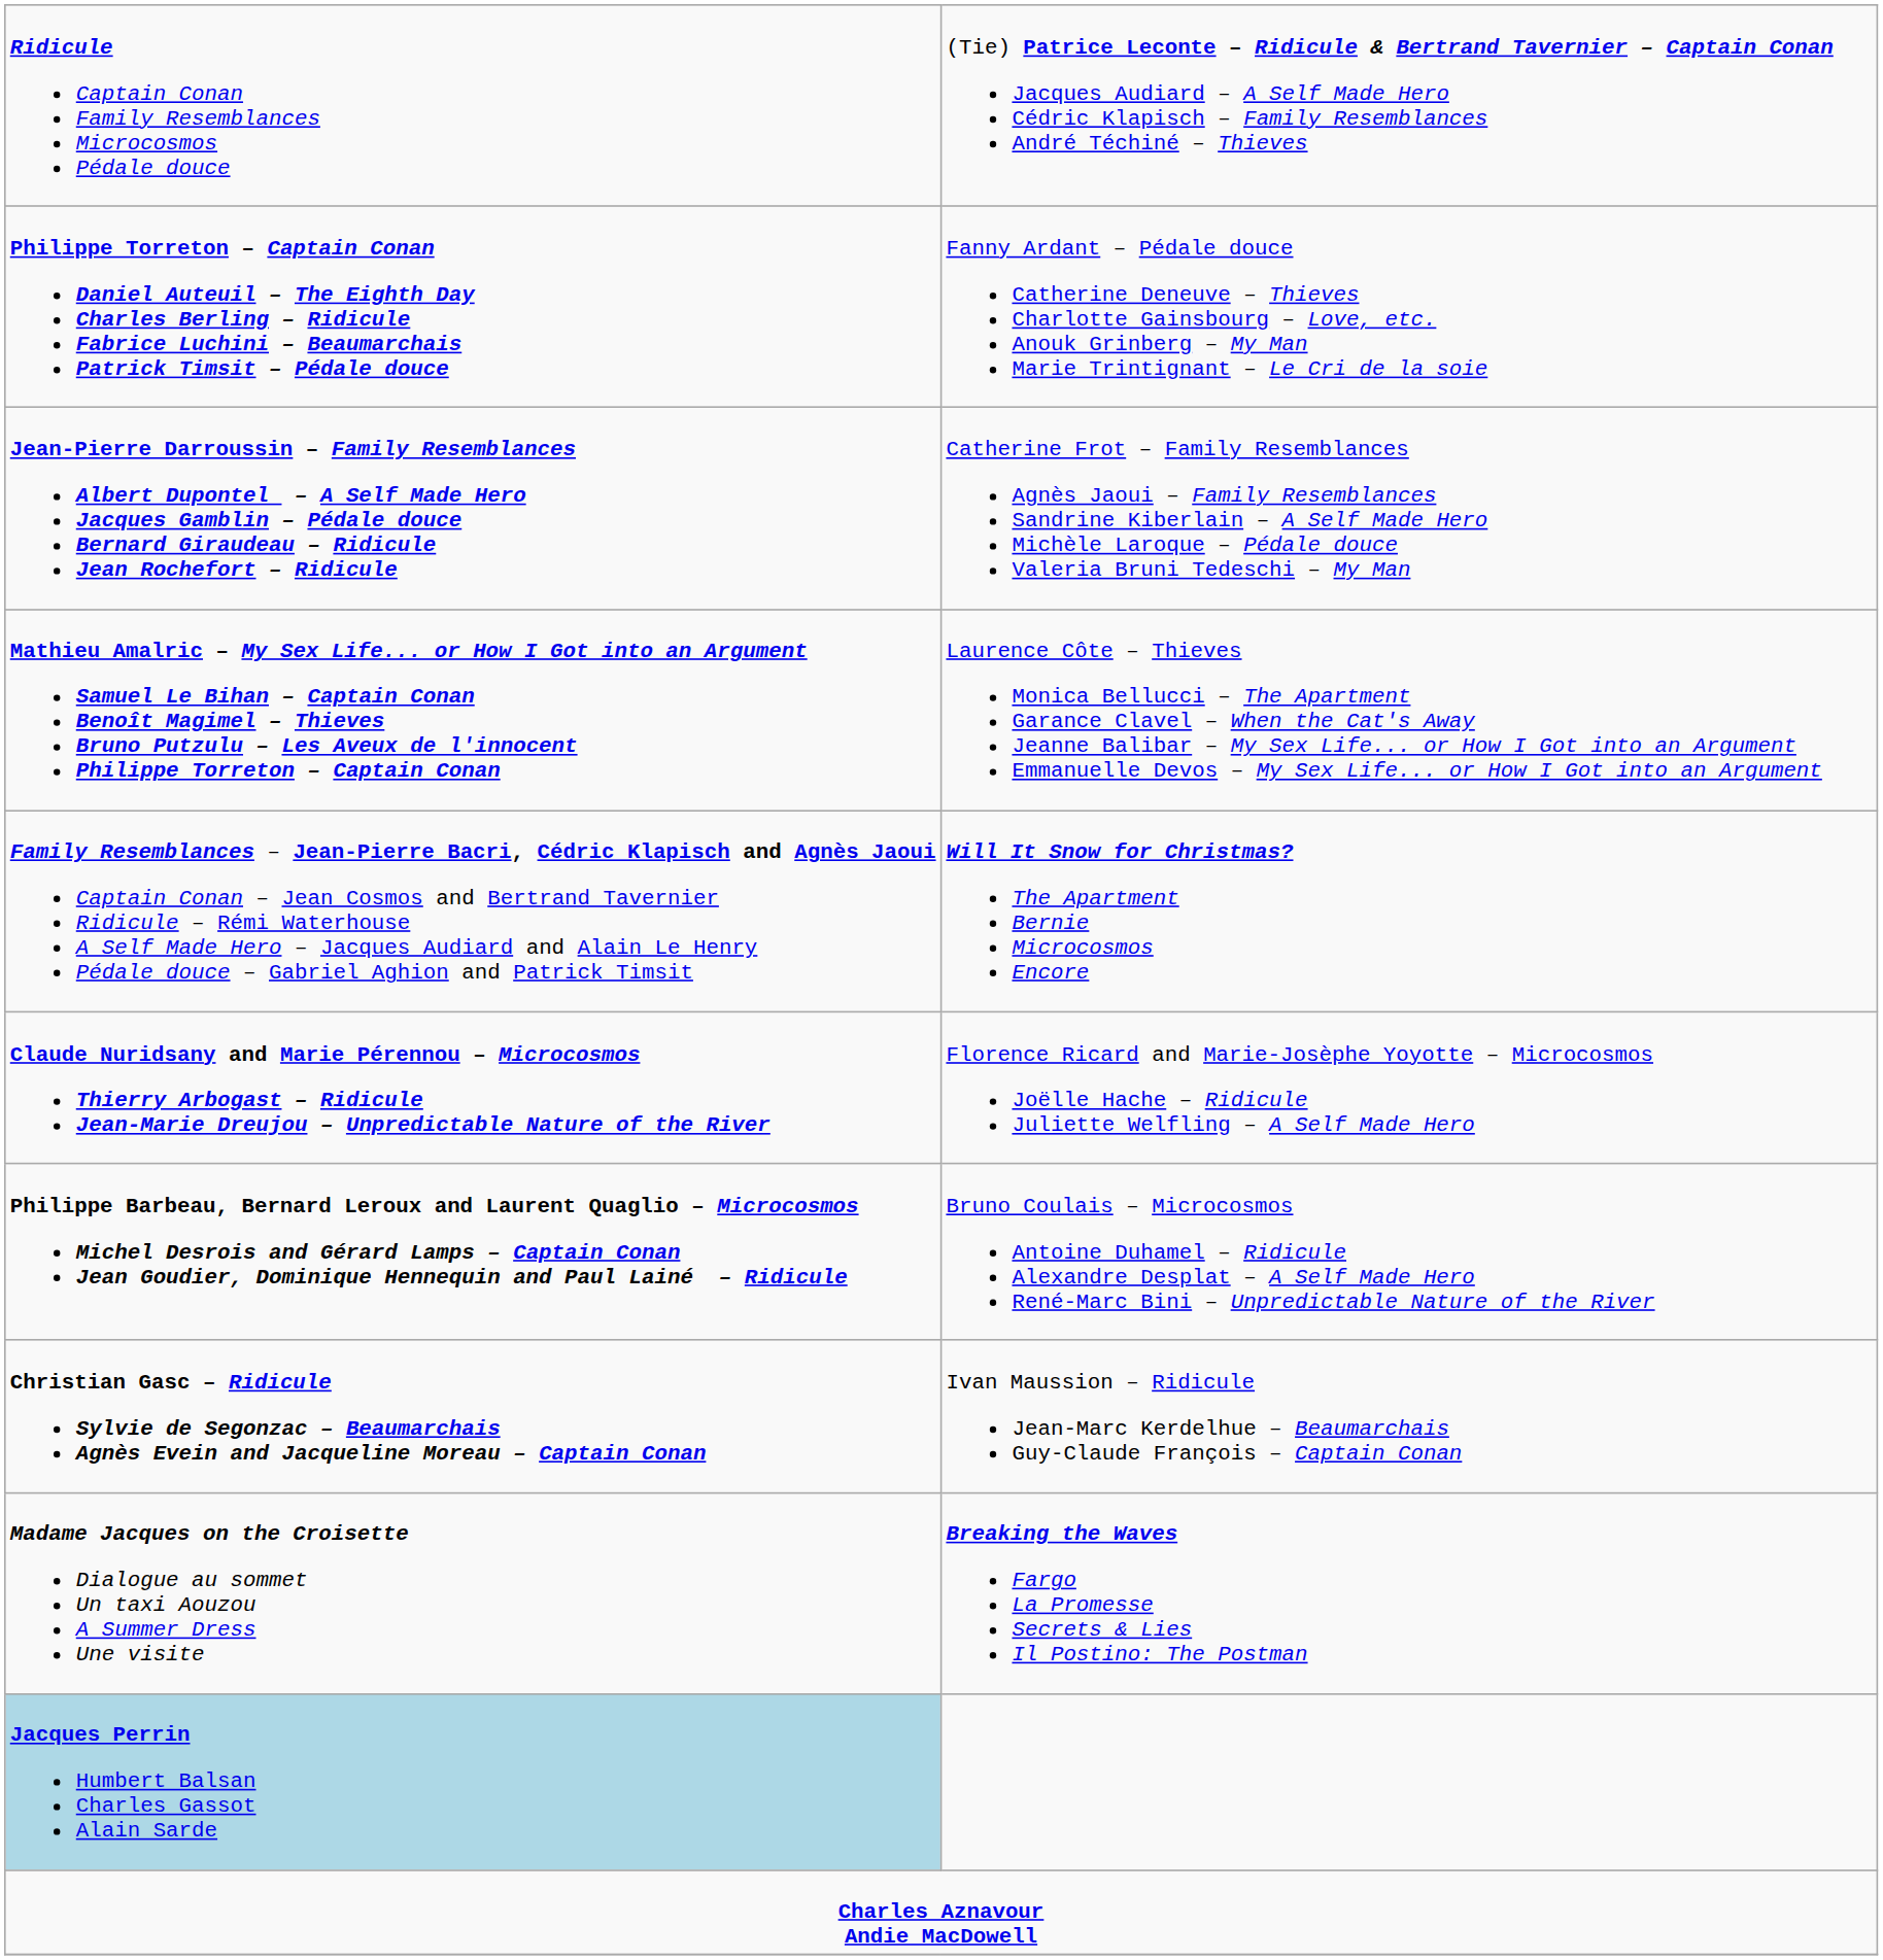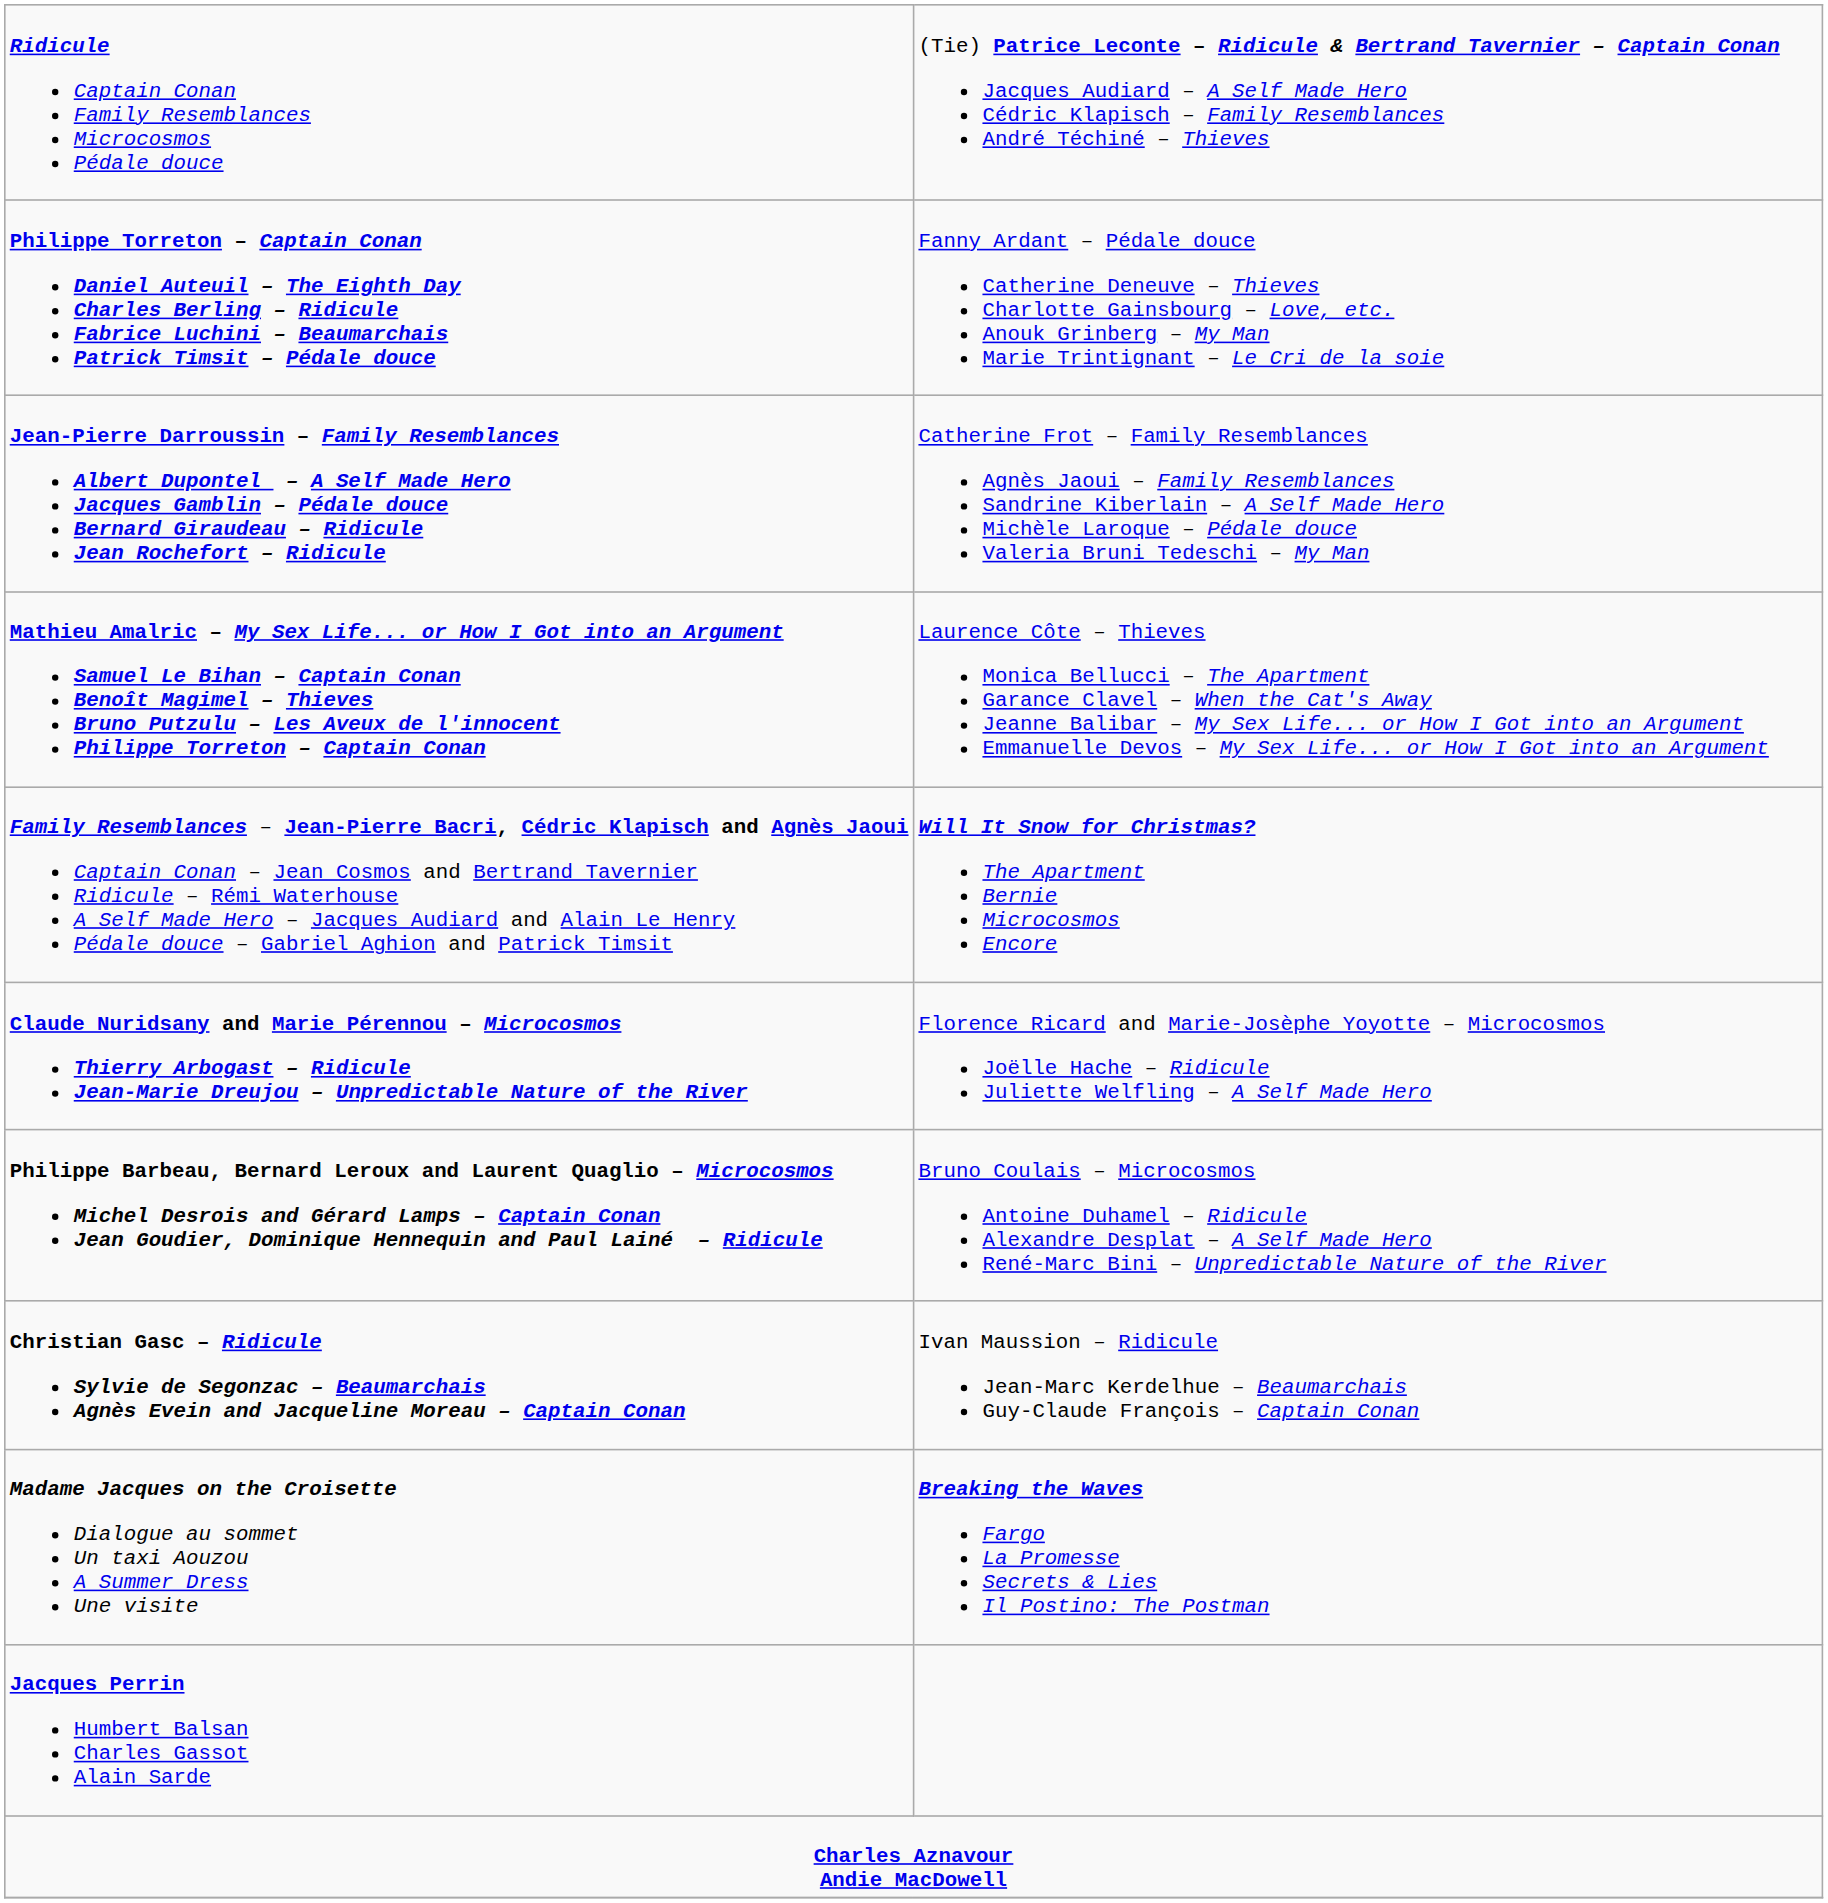 <table class=wikitable style="width=150%">
 <tr>
 <td valign="top" width="50%"><br> <strong><em><a href='#'>Ridicule</a></em></strong><ul><li><em><a href='#'>Captain Conan</a></em></li><li><em><a href='#'>Family Resemblances</a></em></li><li><em><a href='#'>Microcosmos</a></em></li><li><em><a href='#'>Pédale douce</a></em></li></ul></td>
 <td valign="top" width="50%"><br> (Tie) <strong><a href='#'>Patrice Leconte</a> – <em><a href='#'>Ridicule</a><strong><em> & </strong><a href='#'>Bertrand Tavernier</a> – </em><a href='#'>Captain Conan</a></em></strong><ul><li><a href='#'>Jacques Audiard</a> – <em><a href='#'>A Self Made Hero</a></em></li><li><a href='#'>Cédric Klapisch</a> – <em><a href='#'>Family Resemblances</a></em></li><li><a href='#'>André Téchiné</a> – <em><a href='#'>Thieves</a></em></li></ul></td>
 </tr>
 <tr>
 <td valign="top" width="50%"><br> <strong><a href='#'>Philippe Torreton</a> –  <em><a href='#'>Captain Conan</a><strong><em><ul><li><a href='#'>Daniel Auteuil</a> – </em><a href='#'>The Eighth Day</a><em></li><li><a href='#'>Charles Berling</a> – </em><a href='#'>Ridicule</a><em></li><li><a href='#'>Fabrice Luchini</a> – </em><a href='#'>Beaumarchais</a><em></li><li><a href='#'>Patrick Timsit</a> – </em><a href='#'>Pédale douce</a><em></li></ul></td>
 <td valign="top" width="50%"><br> </strong><a href='#'>Fanny Ardant</a> – </em><a href='#'>Pédale douce</a></em></strong><ul><li><a href='#'>Catherine Deneuve</a> – <em><a href='#'>Thieves</a></em></li><li><a href='#'>Charlotte Gainsbourg</a> – <em><a href='#'>Love, etc.</a></em></li><li><a href='#'>Anouk Grinberg</a> – <em><a href='#'>My Man</a></em></li><li><a href='#'>Marie Trintignant</a> – <em><a href='#'>Le Cri de la soie</a></em></li></ul></td>
 </tr>
 <tr>
 <td valign="top" width="50%"><br> <strong><a href='#'>Jean-Pierre Darroussin</a> – <em><a href='#'>Family Resemblances</a><strong><em><ul><li><a href='#'>Albert Dupontel </a> – </em><a href='#'>A Self Made Hero</a><em></li><li><a href='#'>Jacques Gamblin</a> – </em><a href='#'>Pédale douce</a><em></li><li><a href='#'>Bernard Giraudeau</a> – </em><a href='#'>Ridicule</a><em></li><li><a href='#'>Jean Rochefort</a> – </em><a href='#'>Ridicule</a><em></li></ul></td>
 <td valign="top" width="50%"><br> </strong><a href='#'>Catherine Frot</a> – </em><a href='#'>Family Resemblances</a></em></strong><ul><li><a href='#'>Agnès Jaoui</a> – <em><a href='#'>Family Resemblances</a></em></li><li><a href='#'>Sandrine Kiberlain</a> – <em><a href='#'>A Self Made Hero</a></em></li><li><a href='#'>Michèle Laroque</a> – <em><a href='#'>Pédale douce</a></em></li><li><a href='#'>Valeria Bruni Tedeschi</a> – <em><a href='#'>My Man</a></em></li></ul></td>
 </tr>
 <tr>
 <td valign="top" width="50%"><br> <strong><a href='#'>Mathieu Amalric</a> – <em><a href='#'>My Sex Life... or How I Got into an Argument</a><strong><em><ul><li><a href='#'>Samuel Le Bihan</a> – </em><a href='#'>Captain Conan</a><em></li><li><a href='#'>Benoît Magimel</a> – </em><a href='#'>Thieves</a><em></li><li><a href='#'>Bruno Putzulu</a> – </em><a href='#'>Les Aveux de l'innocent</a><em></li><li><a href='#'>Philippe Torreton</a> – </em><a href='#'>Captain Conan</a><em></li></ul></td>
 <td valign="top" width="50%"><br> </strong><a href='#'>Laurence Côte</a> – </em><a href='#'>Thieves</a></em></strong><ul><li><a href='#'>Monica Bellucci</a> – <em><a href='#'>The Apartment</a></em></li><li><a href='#'>Garance Clavel</a> – <em><a href='#'>When the Cat's Away</a></em></li><li><a href='#'>Jeanne Balibar</a> – <em><a href='#'>My Sex Life... or How I Got into an Argument</a></em></li><li><a href='#'>Emmanuelle Devos</a> – <em><a href='#'>My Sex Life... or How I Got into an Argument</a></em></li></ul></td>
 </tr>
 <tr>
 <td valign="top" width="50%"><br> <strong><em><a href='#'>Family Resemblances</a></em></strong> – <strong><a href='#'>Jean-Pierre Bacri</a>, <a href='#'>Cédric Klapisch</a> and <a href='#'>Agnès Jaoui</a></strong><ul><li><em><a href='#'>Captain Conan</a></em> – <a href='#'>Jean Cosmos</a> and <a href='#'>Bertrand Tavernier</a></li><li><em><a href='#'>Ridicule</a></em> – <a href='#'>Rémi Waterhouse</a></li><li><em><a href='#'>A Self Made Hero</a></em> – <a href='#'>Jacques Audiard</a> and <a href='#'>Alain Le Henry</a></li><li><em><a href='#'>Pédale douce</a></em> – <a href='#'>Gabriel Aghion</a> and <a href='#'>Patrick Timsit</a></li></ul></td>
 <td valign="top" width="50%"><br> <strong><em><a href='#'>Will It Snow for Christmas?</a></em></strong><ul><li><em><a href='#'>The Apartment</a></em></li><li><em><a href='#'>Bernie</a></em></li><li><em><a href='#'>Microcosmos</a></em></li><li><em><a href='#'>Encore</a></em></li></ul></td>
 </tr>
 <tr>
 <td valign="top" width="50%"><br> <strong><a href='#'>Claude Nuridsany</a> and <a href='#'>Marie Pérennou</a> – <em><a href='#'>Microcosmos</a><strong><em><ul><li><a href='#'>Thierry Arbogast</a> – </em><a href='#'>Ridicule</a><em></li><li><a href='#'>Jean-Marie Dreujou</a> – </em><a href='#'>Unpredictable Nature of the River</a><em></li></ul></td>
 <td valign="top" width="50%"><br> </strong><a href='#'>Florence Ricard</a> and <a href='#'>Marie-Josèphe Yoyotte</a> – </em><a href='#'>Microcosmos</a></em></strong><ul><li><a href='#'>Joëlle Hache</a> – <em><a href='#'>Ridicule</a></em></li><li><a href='#'>Juliette Welfling</a> – <em><a href='#'>A Self Made Hero</a></em></li></ul></td>
 </tr>
 <tr>
 <td valign="top" width="50%"><br> <strong>Philippe Barbeau, Bernard Leroux and Laurent Quaglio – <em><a href='#'>Microcosmos</a><strong><em><ul><li>Michel Desrois and Gérard Lamps – </em><a href='#'>Captain Conan</a><em></li><li>Jean Goudier, Dominique Hennequin and Paul Lainé  – </em><a href='#'>Ridicule</a><em></li></ul></td>
 <td valign="top" width="50%"><br> </strong><a href='#'>Bruno Coulais</a> – </em><a href='#'>Microcosmos</a></em></strong><ul><li><a href='#'>Antoine Duhamel</a> – <em><a href='#'>Ridicule</a></em></li><li><a href='#'>Alexandre Desplat</a> – <em><a href='#'>A Self Made Hero</a></em></li><li><a href='#'>René-Marc Bini</a> – <em><a href='#'>Unpredictable Nature of the River</a></em></li></ul></td>
 </tr>
 <tr>
 <td valign="top" width="50%"><br> <strong>Christian Gasc – <em><a href='#'>Ridicule</a><strong><em><ul><li>Sylvie de Segonzac – </em><a href='#'>Beaumarchais</a><em></li><li>Agnès Evein and Jacqueline Moreau – </em><a href='#'>Captain Conan</a><em></li></ul></td>
 <td valign="top" width="50%"><br> </strong>Ivan Maussion – </em><a href='#'>Ridicule</a></em></strong><ul><li>Jean-Marc Kerdelhue – <em><a href='#'>Beaumarchais</a></em></li><li>Guy-Claude François – <em><a href='#'>Captain Conan</a></em></li></ul></td>
 </tr>
 <tr>
 <td valign="top" width="50%"><br> <strong><em>Madame Jacques on the Croisette</em></strong><ul><li><em>Dialogue au sommet</em></li><li><em>Un taxi Aouzou</em></li><li><em><a href='#'>A Summer Dress</a></em></li><li><em>Une visite</em></li></ul></td>
 <td valign="top" width="50%"><br> <strong><em><a href='#'>Breaking the Waves</a></em></strong><ul><li><em><a href='#'>Fargo</a></em></li><li><em><a href='#'>La Promesse</a></em></li><li><em><a href='#'>Secrets & Lies</a></em></li><li><em><a href='#'>Il Postino: The Postman</a></em></li></ul></td>
 </tr>
 <tr>
-<td valign="top" width="50%" style="background: lightblue;"><br> <strong><a href='#'>Jacques Perrin</a></strong><ul><li><a href='#'>Humbert Balsan</a></li><li><a href='#'>Charles Gassot</a></li><li><a href='#'>Alain Sarde</a></li></ul></td>
+<td valign="top" width="50%"><br> <strong><a href='#'>Jacques Perrin</a></strong><ul><li><a href='#'>Humbert Balsan</a></li><li><a href='#'>Charles Gassot</a></li><li><a href='#'>Alain Sarde</a></li></ul></td>
 </tr>
 <tr>
 <td align="center" colspan="2" valign="top" width="50%"><br> <strong><a href='#'>Charles Aznavour</a></strong><br> <strong><a href='#'>Andie MacDowell</a></strong></td>
 </tr>
 <tr>
 </tr>
 </table>
